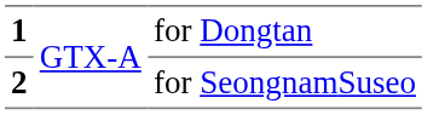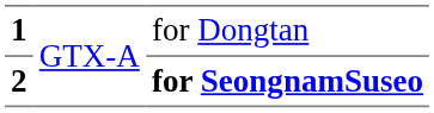 <table border="1" cellspacing="0" cellpadding="3" frame="hsides" rules="rows">
 <tr>
 <th>1</th>
 <td rowspan="2"> <a href='#'>GTX-A</a></td>
 <td>for <a href='#'>Dongtan</a></td>
 </tr>
 <tr>
 <th>2</th>
-<td>for <a href='#'>Seongnam</a><a href='#'>Suseo</a></td>
+<td><strong>for <a href='#'>Seongnam</a><a href='#'>Suseo</a></strong></td>
 </tr>
 </table>
